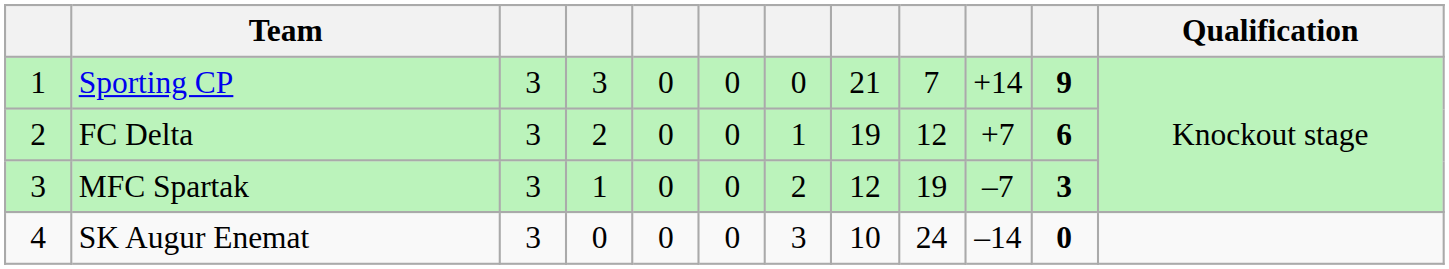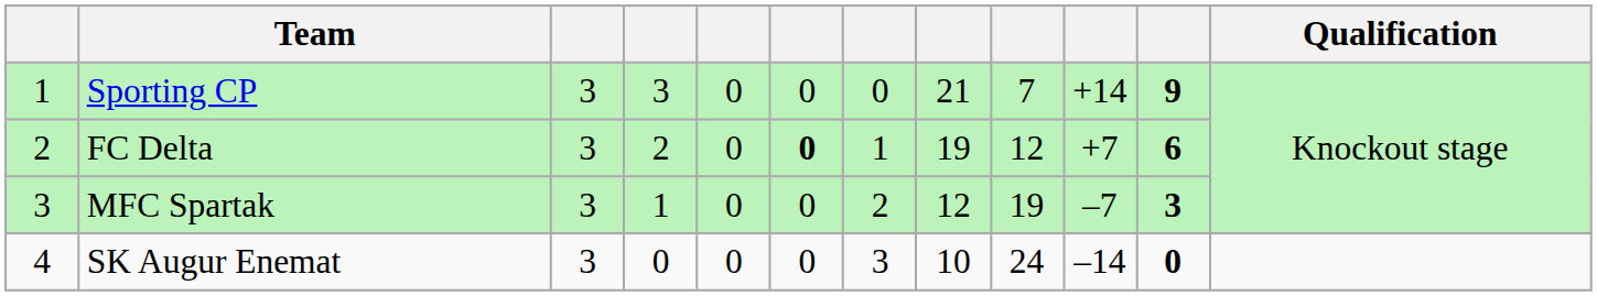 <table class="wikitable" style="font-size: 95%">
 <tr>
 <th width="25"></th>
 <th width="200">Team</th>
 <th width="25"></th>
 <th width="25"></th>
 <th width="25"></th>
 <th width="25"></th>
 <th width="25"></th>
 <th width="25"></th>
 <th width="25"></th>
 <th width="25"></th>
 <th width="25"></th>
 <th width="160">Qualification</th>
 </tr>
 <tr align=center bgcolor=#bbf3bb>
 <td>1</td>
 <td align=left> <a href='#'>Sporting CP</a></td>
 <td>3</td>
 <td>3</td>
 <td>0</td>
 <td>0</td>
 <td>0</td>
 <td>21</td>
 <td>7</td>
 <td>+14</td>
 <td><strong>9</strong></td>
 <td rowspan=3>Knockout stage</td>
 </tr>
 <tr align=center bgcolor=#bbf3bb>
 <td>2</td>
 <td align=left> FC Delta</td>
 <td>3</td>
 <td>2</td>
 <td>0</td>
-<td>0</td>
+<td><strong>0</strong></td>
 <td>1</td>
 <td>19</td>
 <td>12</td>
 <td>+7</td>
 <td><strong>6</strong></td>
 </tr>
 <tr align=center bgcolor=#bbf3bb>
 <td>3</td>
 <td align=left> MFC Spartak</td>
 <td>3</td>
 <td>1</td>
 <td>0</td>
 <td>0</td>
 <td>2</td>
 <td>12</td>
 <td>19</td>
 <td>–7</td>
 <td><strong>3</strong></td>
 </tr>
 <tr align=center>
 <td>4</td>
 <td align=left> SK Augur Enemat</td>
 <td>3</td>
 <td>0</td>
 <td>0</td>
 <td>0</td>
 <td>3</td>
 <td>10</td>
 <td>24</td>
 <td>–14</td>
 <td><strong>0</strong></td>
 <td></td>
 </tr>
 </table>
